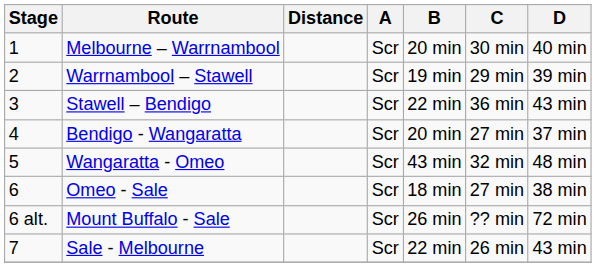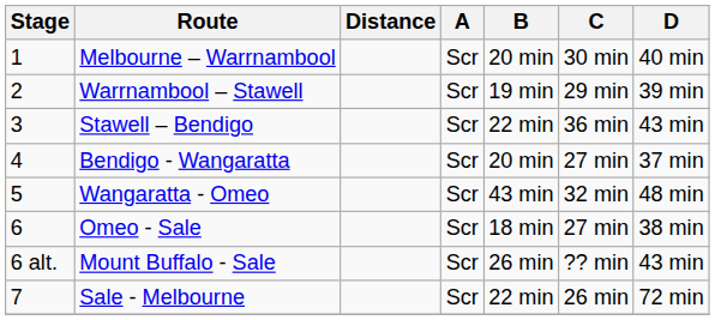 <table class="wikitable">
 <tr>
 <th>Stage</th>
 <th>Route</th>
 <th>Distance</th>
 <th>A</th>
 <th>B</th>
 <th>C</th>
 <th>D</th>
 </tr>
 <tr>
 <td>1</td>
 <td><a href='#'>Melbourne</a> – <a href='#'>Warrnambool</a></td>
 <td></td>
 <td>Scr</td>
 <td>20 min</td>
 <td>30 min</td>
 <td>40 min</td>
 </tr>
 <tr>
 <td>2</td>
 <td><a href='#'>Warrnambool</a> – <a href='#'>Stawell</a></td>
 <td></td>
 <td>Scr</td>
 <td>19 min</td>
 <td>29 min</td>
 <td>39 min</td>
 </tr>
 <tr>
 <td>3</td>
 <td><a href='#'>Stawell</a> – <a href='#'>Bendigo</a></td>
 <td></td>
 <td>Scr</td>
 <td>22 min</td>
 <td>36 min</td>
 <td>43 min</td>
 </tr>
 <tr>
 <td>4</td>
 <td><a href='#'>Bendigo</a> - <a href='#'>Wangaratta</a></td>
 <td></td>
 <td>Scr</td>
 <td>20 min</td>
 <td>27 min</td>
 <td>37 min</td>
 </tr>
 <tr>
 <td>5</td>
 <td><a href='#'>Wangaratta</a> - <a href='#'>Omeo</a></td>
 <td></td>
 <td>Scr</td>
 <td>43 min</td>
 <td>32 min</td>
 <td>48 min</td>
 </tr>
 <tr>
 <td>6</td>
 <td><a href='#'>Omeo</a> - <a href='#'>Sale</a></td>
 <td></td>
 <td>Scr</td>
 <td>18 min</td>
 <td>27 min</td>
 <td>38 min</td>
 </tr>
 <tr>
 <td>6 alt.</td>
 <td><a href='#'>Mount Buffalo</a> - <a href='#'>Sale</a></td>
 <td></td>
 <td>Scr</td>
 <td>26 min</td>
 <td>?? min</td>
-<td>72 min</td>
+<td>43 min</td>
 </tr>
 <tr>
 <td>7</td>
 <td><a href='#'>Sale</a> - <a href='#'>Melbourne</a></td>
 <td></td>
 <td>Scr</td>
 <td>22 min</td>
 <td>26 min</td>
-<td>43 min</td>
+<td>72 min</td>
 </tr>
 <tr>
 </tr>
 </table>
